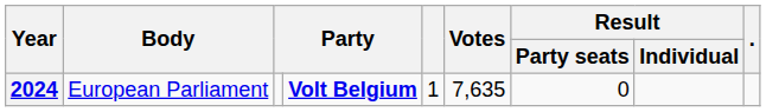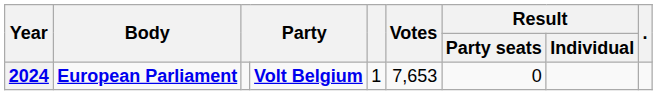 <table class="wikitable plainrowheaders sortable" border=2 cellpadding=4 cellspacing=0 style="border: 1px #aaa solid; font-size: 90%; text-align:center;">
 <tr>
 <th scope="col" rowspan=2>Year</th>
 <th scope="col" rowspan=2>Body</th>
 <th scope="col" colspan=2 rowspan=2>Party</th>
 <th scope="col" rowspan=2></th>
 <th scope="col" rowspan=2>Votes</th>
 <th scope="colgroup" colspan=2>Result</th>
 <th scope="col" rowspan=2>.</th>
 </tr>
 <tr>
 <th scope="col">Party seats</th>
 <th scope="col">Individual</th>
 </tr>
 <tr>
 <th scope="row"><a href='#'>2024</a></th>
-<td><a href='#'>European Parliament</a></td>
+<td><strong><a href='#'>European Parliament</a></strong></td>
 <td style="background-color:"></td>
 <td><strong><a href='#'>Volt Belgium</a></strong></td>
 <td style=text-align:right>1</td>
-<td style=text-align:right>7,635</td>
+<td style=text-align:right>7,653</td>
 <td style=text-align:right>0</td>
 <td></td>
 <td></td>
 </tr>
 </table>
